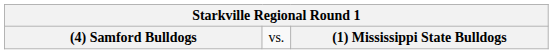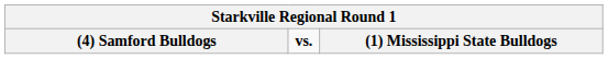 <table class="wikitable">
 <tr>
 <th style="width: 604px;" colspan=3>Starkville Regional Round 1</th>
 </tr>
 <tr>
 <th style="width: 289px; ">(4) Samford Bulldogs</th>
-<td style="width: 25px; text-align:center">vs.</td>
+<td style="width: 25px; text-align:center"><strong>vs.</strong></td>
 <th style="width: 289px; ">(1) Mississippi State Bulldogs</th>
 </tr>
 </table>
